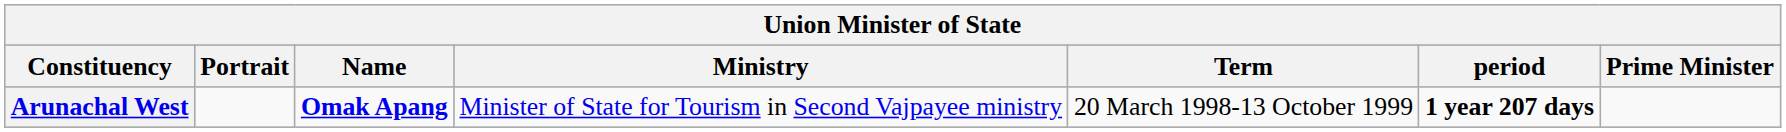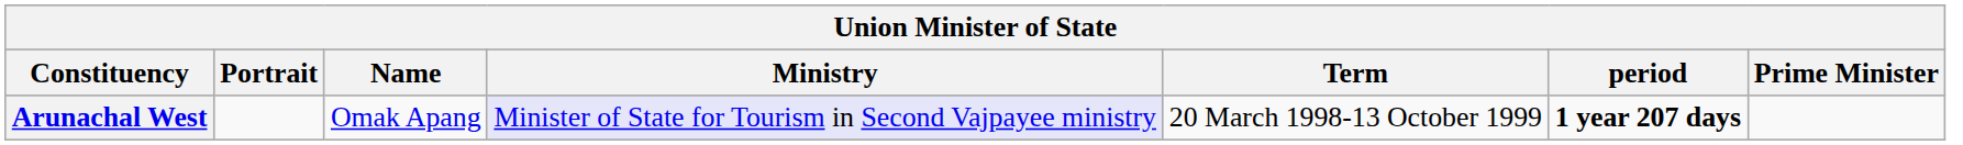 <table class="wikitable sortable">
 <tr>
 <th colspan="7">Union Minister of State</th>
 </tr>
 <tr>
 <th>Constituency</th>
 <th>Portrait</th>
 <th>Name</th>
 <th>Ministry</th>
 <th>Term</th>
 <th>period</th>
 <th>Prime Minister</th>
 </tr>
 <tr>
 <th><a href='#'>Arunachal West</a></th>
 <td></td>
-<td><strong><a href='#'>Omak Apang</a></strong></td>
-<td><a href='#'>Minister of State for Tourism</a> in <a href='#'>Second Vajpayee ministry</a></td>
+<td><a href='#'>Omak Apang</a></td>
+<td style="background: lavender;"><a href='#'>Minister of State for Tourism</a> in <a href='#'>Second Vajpayee ministry</a></td>
 <td>20 March 1998-13 October  1999</td>
 <td><strong>1 year 207 days</strong></td>
 <td></td>
 </tr>
 </table>
